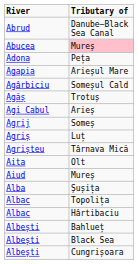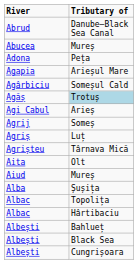 <table class="wikitable">
 <tr>
 <td width="100pt"><strong>River</strong></td>
 <td width="100pt"><strong>Tributary of</strong></td>
 </tr>
 <tr>
 <td><a href='#'>Abrud</a></td>
 <td>Danube–Black Sea Canal</td>
 </tr>
 <tr>
 <td><a href='#'>Abucea</a></td>
-<td style="background: pink;">Mureș</td>
+<td>Mureș</td>
 </tr>
 <tr>
 <td><a href='#'>Adona</a></td>
 <td>Peța</td>
 </tr>
 <tr>
 <td><a href='#'>Agapia</a></td>
 <td>Arieșul Mare</td>
 </tr>
 <tr>
 <td><a href='#'>Agârbiciu</a></td>
 <td>Someșul Cald</td>
 </tr>
 <tr>
 <td><a href='#'>Agăș</a></td>
-<td>Trotuș</td>
+<td style="background: lightblue;">Trotuș</td>
 </tr>
 <tr>
 <td><a href='#'>Agi Cabul</a></td>
 <td>Arieș</td>
 </tr>
 <tr>
 <td><a href='#'>Agrij</a></td>
 <td>Someș</td>
 </tr>
 <tr>
 <td><a href='#'>Agriș</a></td>
 <td>Luț</td>
 </tr>
 <tr>
 <td><a href='#'>Agrișteu</a></td>
 <td>Târnava Mică</td>
 </tr>
 <tr>
 <td><a href='#'>Aita</a></td>
 <td>Olt</td>
 </tr>
 <tr>
 <td><a href='#'>Aiud</a></td>
 <td>Mureș</td>
 </tr>
 <tr>
 <td><a href='#'>Alba</a></td>
 <td>Șușița</td>
 </tr>
 <tr>
 <td><a href='#'>Albac</a></td>
 <td>Topolița</td>
 </tr>
 <tr>
 <td><a href='#'>Albac</a></td>
 <td>Hârtibaciu</td>
 </tr>
 <tr>
 <td><a href='#'>Albești</a></td>
 <td>Bahlueț</td>
 </tr>
 <tr>
 <td><a href='#'>Albești</a></td>
 <td>Black Sea</td>
 </tr>
 <tr>
 <td><a href='#'>Albești</a></td>
 <td>Cungrișoara</td>
 </tr>
 </table>
